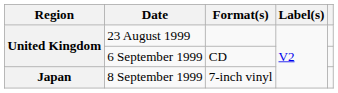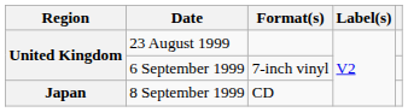 <table class="wikitable plainrowheaders">
 <tr>
 <th scope="col">Region</th>
 <th scope="col">Date</th>
 <th scope="col">Format(s)</th>
 <th scope="col">Label(s)</th>
 <th scope="col"></th>
 </tr>
 <tr>
 <th scope="row" rowspan="2">United Kingdom</th>
 <td>23 August 1999</td>
 <td></td>
 <td rowspan="3"><a href='#'>V2</a></td>
 <td></td>
 </tr>
 <tr>
 <td>6 September 1999</td>
-<td>CD</td>
+<td>7-inch vinyl</td>
 <td></td>
 </tr>
 <tr>
 <th scope="row">Japan</th>
 <td>8 September 1999</td>
-<td>7-inch vinyl</td>
+<td>CD</td>
 <td></td>
 </tr>
 </table>
